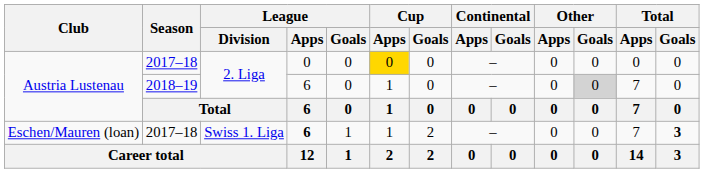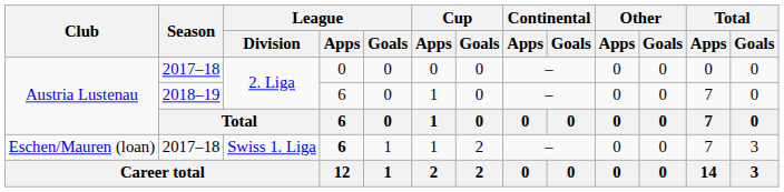 <table class="wikitable" style="text-align: center">
 <tr>
 <th rowspan="2">Club</th>
 <th rowspan="2">Season</th>
 <th colspan="3">League</th>
 <th colspan="2">Cup</th>
 <th colspan="2">Continental</th>
 <th colspan="2">Other</th>
 <th colspan="2">Total</th>
 </tr>
 <tr>
 <th>Division</th>
 <th>Apps</th>
 <th>Goals</th>
 <th>Apps</th>
 <th>Goals</th>
 <th>Apps</th>
 <th>Goals</th>
 <th>Apps</th>
 <th>Goals</th>
 <th>Apps</th>
 <th>Goals</th>
 </tr>
 <tr>
 <td rowspan="3"><a href='#'>Austria Lustenau</a></td>
 <td><a href='#'>2017–18</a></td>
 <td rowspan="2"><a href='#'>2. Liga</a></td>
 <td>0</td>
 <td>0</td>
-<td style="background: gold;">0</td>
+<td>0</td>
 <td>0</td>
 <td colspan="2">–</td>
 <td>0</td>
 <td>0</td>
 <td>0</td>
 <td>0</td>
 </tr>
 <tr>
 <td><a href='#'>2018–19</a></td>
 <td>6</td>
 <td>0</td>
 <td>1</td>
 <td>0</td>
 <td colspan="2">–</td>
 <td>0</td>
-<td style="background: lightgrey;">0</td>
+<td>0</td>
 <td>7</td>
 <td>0</td>
 </tr>
 <tr>
 <th colspan=2>Total</th>
 <th>6</th>
 <th>0</th>
 <th>1</th>
 <th>0</th>
 <th>0</th>
 <th>0</th>
 <th>0</th>
 <th>0</th>
 <th>7</th>
 <th>0</th>
 </tr>
 <tr>
 <td><a href='#'>Eschen/Mauren</a> (loan)</td>
 <td>2017–18</td>
 <td><a href='#'>Swiss 1. Liga</a></td>
 <td><strong>6</strong></td>
 <td>1</td>
 <td>1</td>
 <td>2</td>
 <td colspan="2">–</td>
 <td>0</td>
 <td>0</td>
 <td>7</td>
-<td><strong>3</strong></td>
+<td>3</td>
 </tr>
 <tr>
 <th colspan=3>Career total</th>
 <th>12</th>
 <th>1</th>
 <th>2</th>
 <th>2</th>
 <th>0</th>
 <th>0</th>
 <th>0</th>
 <th>0</th>
 <th>14</th>
 <th>3</th>
 </tr>
 </table>
